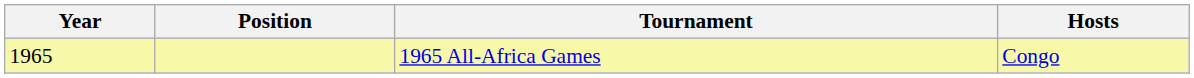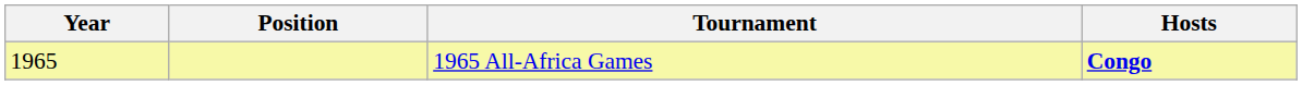 <table class="wikitable" width=70%>
 <tr>
 <th>Year</th>
 <th>Position</th>
 <th>Tournament</th>
 <th>Hosts</th>
 </tr>
 <tr valign="top" bgcolor="#F7F9A8">
 <td>1965</td>
 <td></td>
 <td><a href='#'>1965 All-Africa Games</a></td>
-<td><a href='#'>Congo</a></td>
+<td><strong><a href='#'>Congo</a></strong></td>
 </tr>
 </table>
